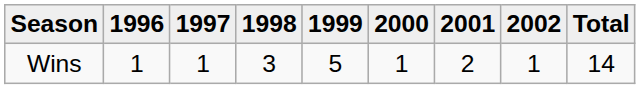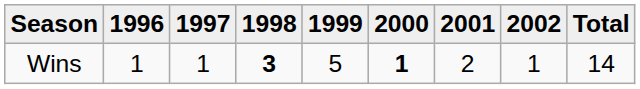 <table class="wikitable sortable">
 <tr style="background:#efefef;font-weight:bold">
 <td>Season</td>
 <td>1996</td>
 <td>1997</td>
 <td>1998</td>
 <td>1999</td>
 <td>2000</td>
 <td>2001</td>
 <td>2002</td>
 <td><strong>Total</strong></td>
 </tr>
 <tr align="center">
 <td>Wins</td>
 <td>1</td>
 <td>1</td>
-<td>3</td>
+<td><strong>3</strong></td>
 <td>5</td>
-<td>1</td>
+<td><strong>1</strong></td>
 <td>2</td>
 <td>1</td>
 <td>14</td>
 </tr>
 </table>
